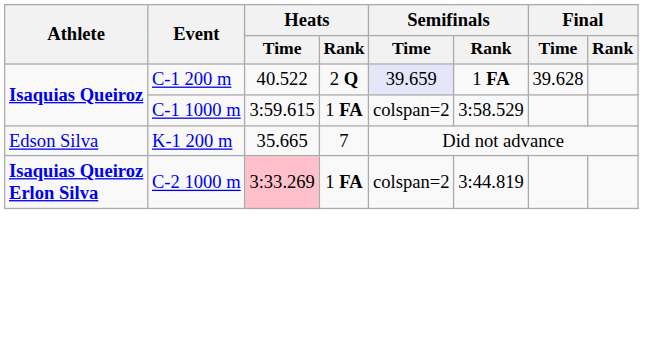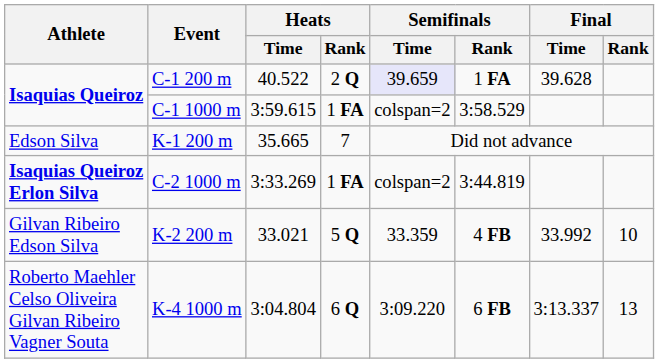 <table class="wikitable" style="font-size:90%">
 <tr>
 <th rowspan=2>Athlete</th>
 <th rowspan=2>Event</th>
 <th colspan=2>Heats</th>
 <th colspan=2>Semifinals</th>
 <th colspan=2>Final</th>
 </tr>
 <tr style="font-size:95%">
 <th>Time</th>
 <th>Rank</th>
 <th>Time</th>
 <th>Rank</th>
 <th>Time</th>
 <th>Rank</th>
 </tr>
 <tr align=center>
 <td align=left rowspan=2><strong><a href='#'>Isaquias Queiroz</a></strong></td>
 <td align=left><a href='#'>C-1 200 m</a></td>
 <td>40.522</td>
 <td>2 <strong>Q</strong></td>
 <td style="background: lavender;">39.659</td>
 <td>1 <strong>FA</strong></td>
 <td>39.628</td>
 <td></td>
 </tr>
 <tr align=center>
 <td align=left><a href='#'>C-1 1000 m</a></td>
 <td>3:59.615</td>
 <td>1 <strong>FA</strong></td>
 <td>colspan=2 </td>
 <td>3:58.529</td>
 <td></td>
 </tr>
 <tr align=center>
 <td align=left><a href='#'>Edson Silva</a></td>
 <td align=left><a href='#'>K-1 200 m</a></td>
 <td>35.665</td>
 <td>7</td>
 <td colspan=4>Did not advance</td>
 </tr>
 <tr align=center>
 <td align=left><strong><a href='#'>Isaquias Queiroz</a><br><a href='#'>Erlon Silva</a></strong></td>
 <td align=left><a href='#'>C-2 1000 m</a></td>
-<td style="background: pink;">3:33.269</td>
+<td>3:33.269</td>
 <td>1 <strong>FA</strong></td>
 <td>colspan=2 </td>
 <td>3:44.819</td>
 <td></td>
 </tr>
+<tr align=center>
+<td align=left><a href='#'>Gilvan Ribeiro</a><br><a href='#'>Edson Silva</a></td>
+<td align=left><a href='#'>K-2 200 m</a></td>
+<td>33.021</td>
+<td>5 <strong>Q</strong></td>
+<td>33.359</td>
+<td>4 <strong>FB</strong></td>
+<td>33.992</td>
+<td>10</td>
+</tr>
+<tr align=center>
+<td align=left><a href='#'>Roberto Maehler</a><br><a href='#'>Celso Oliveira</a><br><a href='#'>Gilvan Ribeiro</a><br><a href='#'>Vagner Souta</a></td>
+<td align=left><a href='#'>K-4 1000 m</a></td>
+<td>3:04.804</td>
+<td>6 <strong>Q</strong></td>
+<td>3:09.220</td>
+<td>6 <strong>FB</strong></td>
+<td>3:13.337</td>
+<td>13</td>
+</tr>
 </table>
